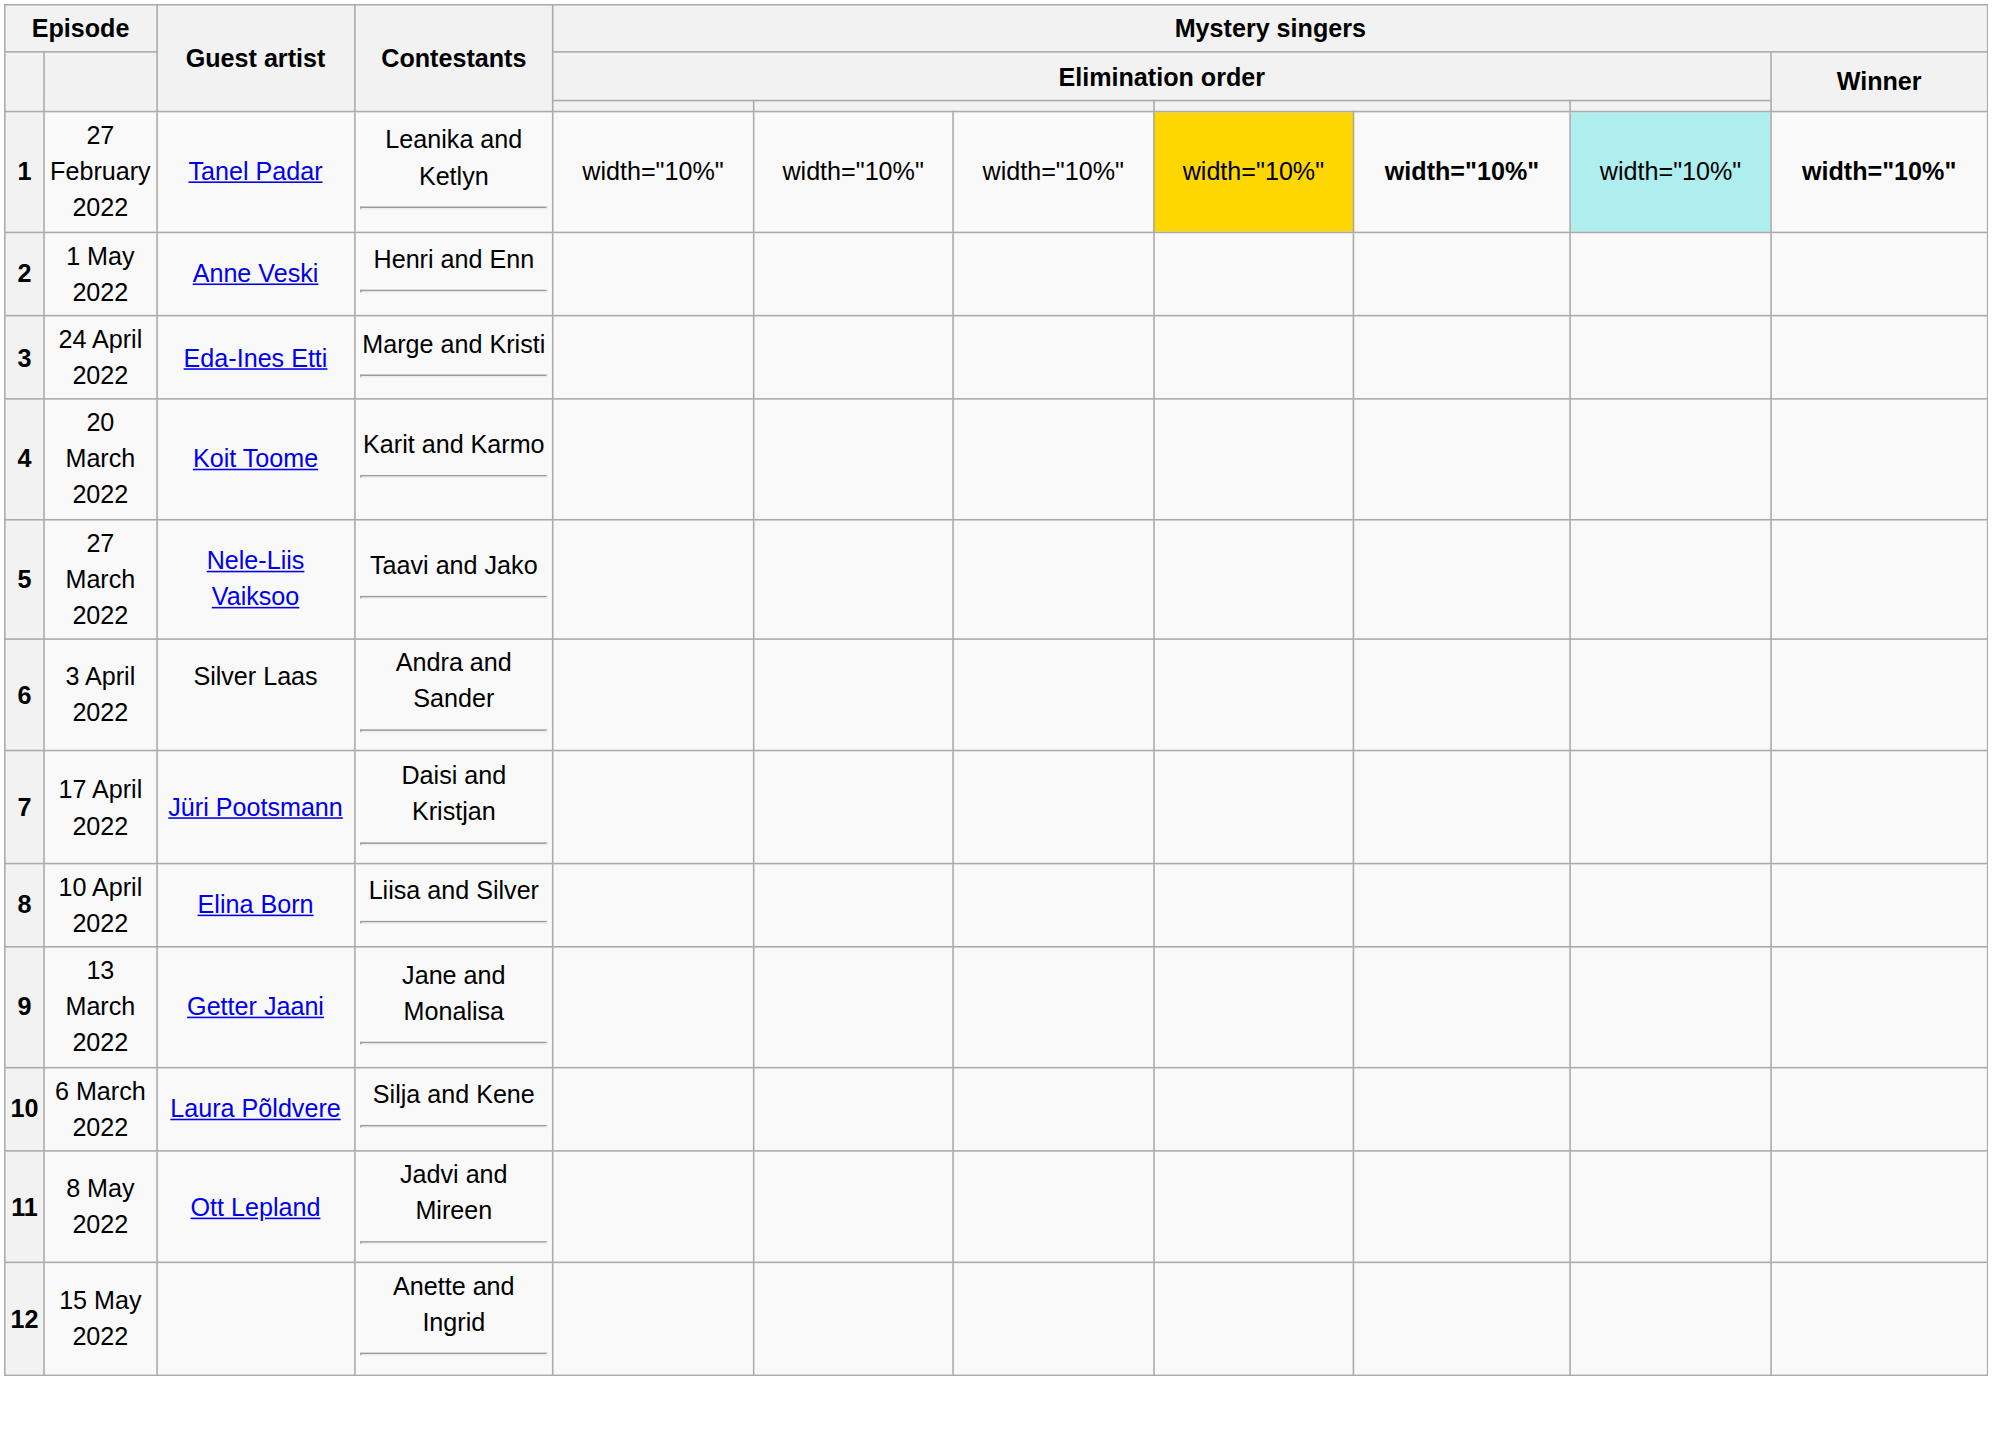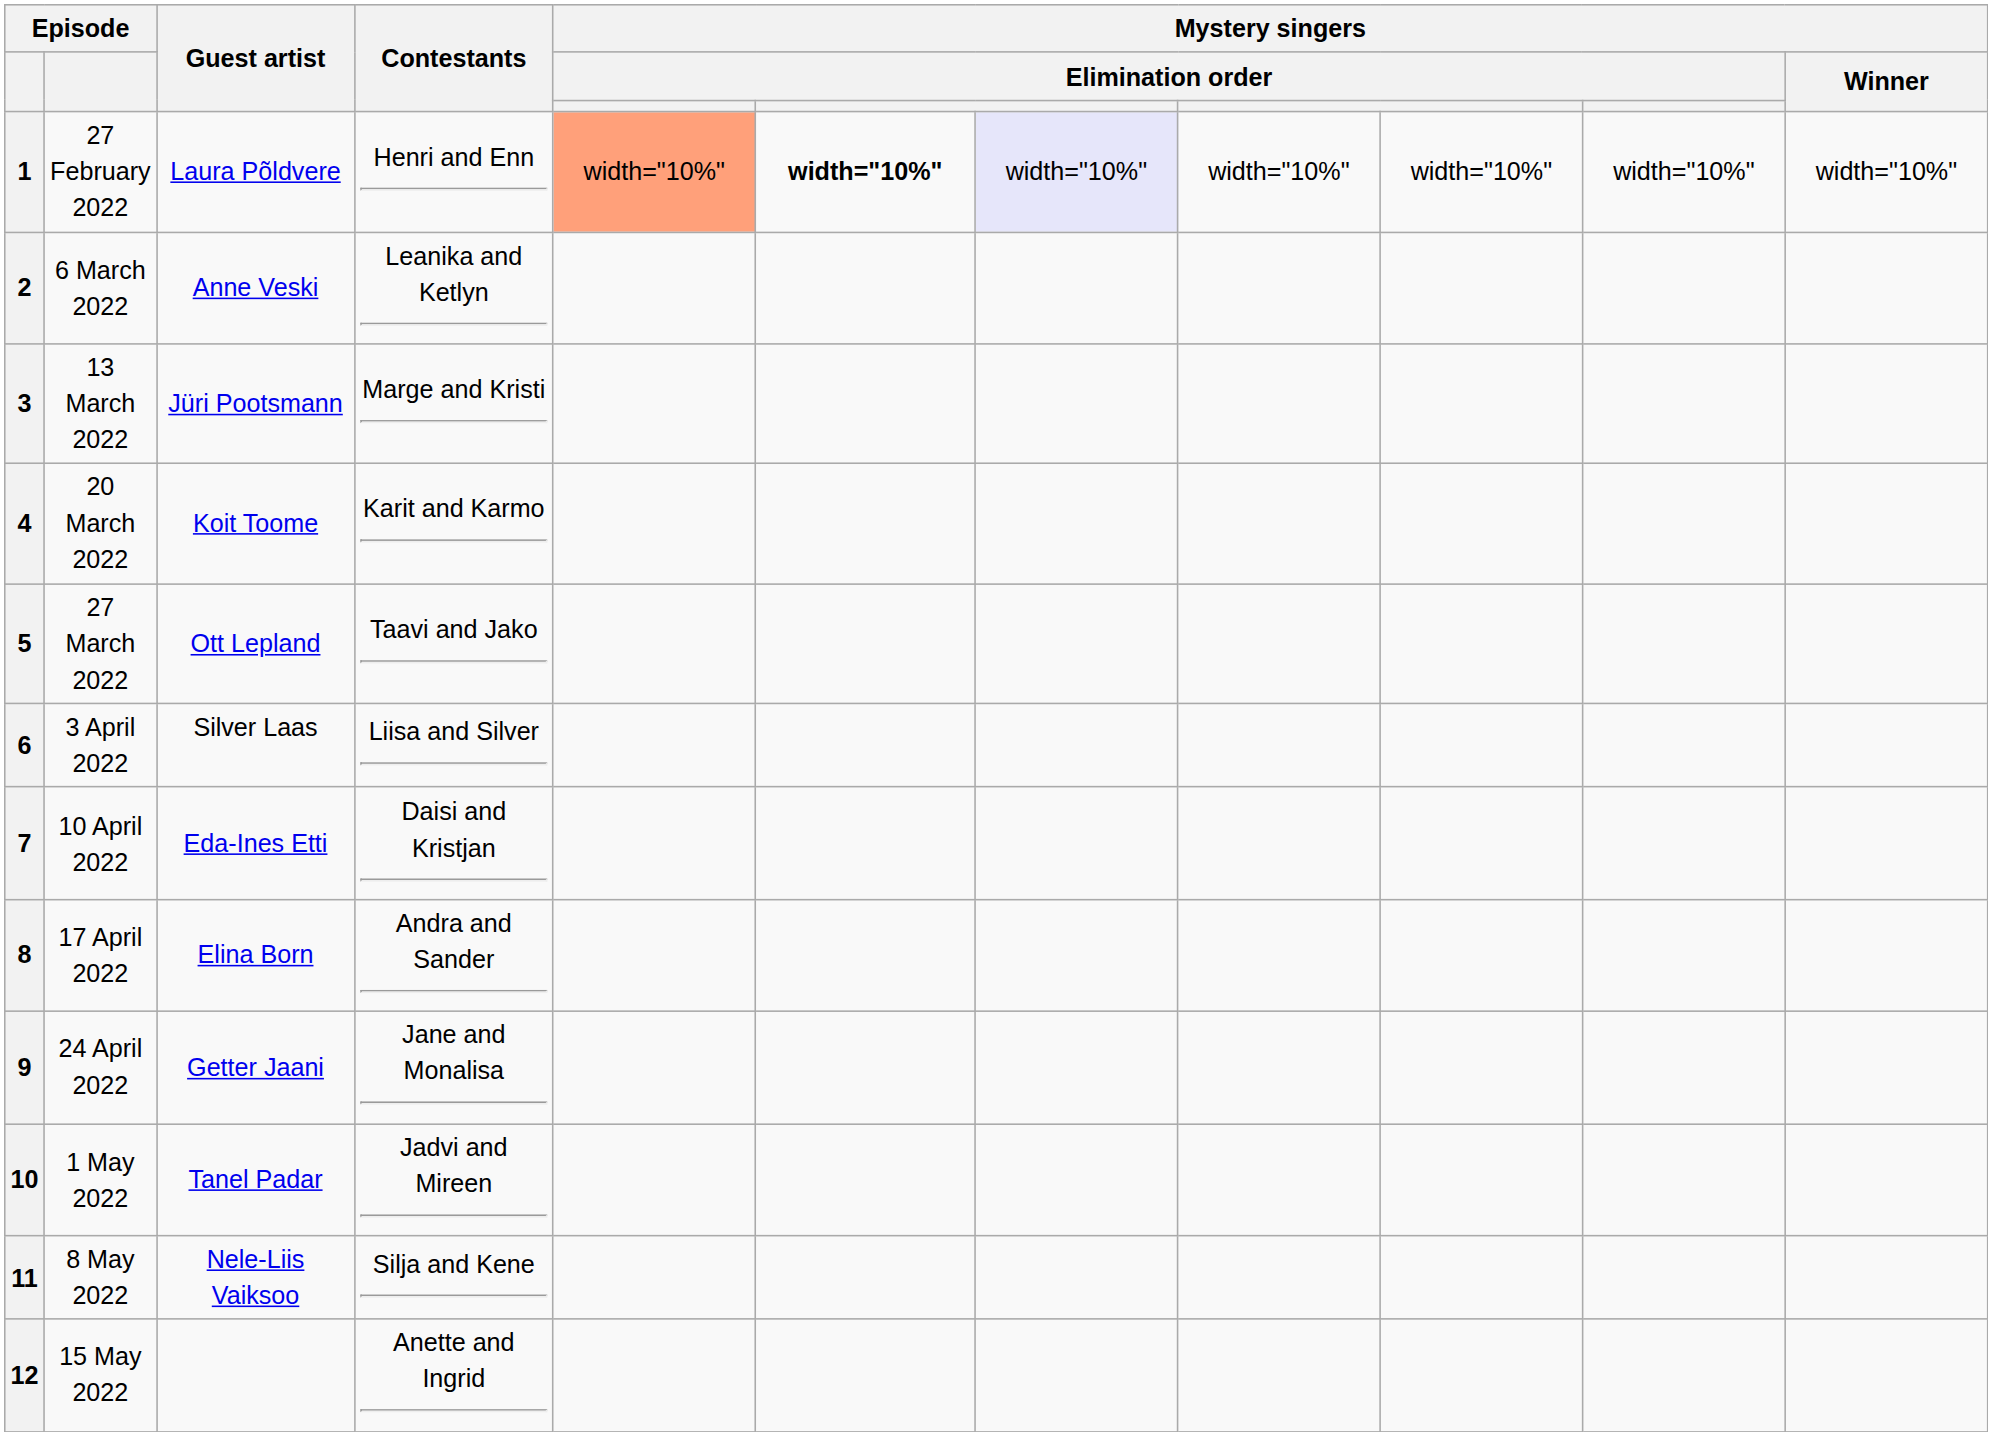 <table class="wikitable plainrowheaders mw-collapsible" style="text-align:center; line-height:23px; width:100%;">
 <tr>
 <th colspan="2" width="1%">Episode</th>
 <th rowspan="3" width="10%">Guest artist</th>
 <th rowspan="3" width="10%">Contestants</th>
 <th colspan="7">Mystery singers<br></th>
 </tr>
 <tr>
 <th rowspan="2"></th>
 <th rowspan="2"></th>
 <th colspan="6">Elimination order</th>
 <th rowspan="2">Winner</th>
 </tr>
 <tr>
 <th></th>
 <th colspan="2"></th>
 <th colspan="2"></th>
 <th></th>
 </tr>
 <tr>
 <th>1</th>
 <td>27 February 2022</td>
-<td><a href='#'>Tanel Padar</a><br></td>
-<td>Leanika and Ketlyn<hr></td>
+<td><a href='#'>Laura Põldvere</a><br></td>
+<td>Henri and Enn<hr></td>
+<td style="background: lightsalmon;">width="10%" </td>
+<td><strong>width="10%" </strong></td>
+<td style="background: lavender;">width="10%" </td>
 <td>width="10%" </td>
 <td>width="10%" </td>
 <td>width="10%" </td>
-<td style="background: gold;">width="10%" </td>
-<td><strong>width="10%" </strong></td>
-<td style="background: paleturquoise;">width="10%" </td>
-<td><strong>width="10%" </strong></td>
+<td>width="10%" </td>
 </tr>
 <tr>
 <th>2</th>
-<td>1 May 2022</td>
+<td>6 March 2022</td>
 <td><a href='#'>Anne Veski</a><br></td>
-<td>Henri and Enn<hr></td>
+<td>Leanika and Ketlyn<hr></td>
 <td></td>
 <td></td>
 <td></td>
 <td></td>
 <td></td>
 <td></td>
 <td></td>
 </tr>
 <tr>
 <th>3</th>
-<td>24 April 2022</td>
-<td><a href='#'>Eda-Ines Etti</a><br></td>
+<td>13 March 2022</td>
+<td><a href='#'>Jüri Pootsmann</a><br></td>
 <td>Marge and Kristi<hr></td>
 <td></td>
 <td></td>
 <td></td>
 <td></td>
 <td></td>
 <td></td>
 <td></td>
 </tr>
 <tr>
 <th>4</th>
 <td>20 March 2022</td>
 <td><a href='#'>Koit Toome</a><br></td>
 <td>Karit and Karmo<hr></td>
 <td></td>
 <td></td>
 <td></td>
 <td></td>
 <td></td>
 <td></td>
 <td></td>
 </tr>
 <tr>
 <th>5</th>
 <td>27 March 2022</td>
-<td><a href='#'>Nele-Liis Vaiksoo</a><br></td>
+<td><a href='#'>Ott Lepland</a><br></td>
 <td>Taavi and Jako<hr></td>
 <td></td>
 <td></td>
 <td></td>
 <td></td>
 <td></td>
 <td></td>
 <td></td>
 </tr>
 <tr>
 <th>6</th>
 <td>3 April 2022</td>
 <td>Silver Laas<br><br></td>
-<td>Andra and Sander<hr></td>
+<td>Liisa and Silver<hr></td>
 <td></td>
 <td></td>
 <td></td>
 <td></td>
 <td></td>
 <td></td>
 <td></td>
 </tr>
 <tr>
 <th>7</th>
-<td>17 April 2022</td>
-<td><a href='#'>Jüri Pootsmann</a><br></td>
+<td>10 April 2022</td>
+<td><a href='#'>Eda-Ines Etti</a><br></td>
 <td>Daisi and Kristjan<hr></td>
 <td></td>
 <td></td>
 <td></td>
 <td></td>
 <td></td>
 <td></td>
 <td></td>
 </tr>
 <tr>
 <th>8</th>
-<td>10 April 2022</td>
+<td>17 April 2022</td>
 <td><a href='#'>Elina Born</a><br></td>
-<td>Liisa and Silver<hr></td>
+<td>Andra and Sander<hr></td>
 <td></td>
 <td></td>
 <td></td>
 <td></td>
 <td></td>
 <td></td>
 <td></td>
 </tr>
 <tr>
 <th>9</th>
-<td>13 March 2022</td>
+<td>24 April 2022</td>
 <td><a href='#'>Getter Jaani</a><br></td>
 <td>Jane and Monalisa<hr></td>
 <td></td>
 <td></td>
 <td></td>
 <td></td>
 <td></td>
 <td></td>
 <td></td>
 </tr>
 <tr>
 <th>10</th>
-<td>6 March 2022</td>
-<td><a href='#'>Laura Põldvere</a><br></td>
-<td>Silja and Kene<hr></td>
+<td>1 May 2022</td>
+<td><a href='#'>Tanel Padar</a><br></td>
+<td>Jadvi and Mireen<hr></td>
 <td></td>
 <td></td>
 <td></td>
 <td></td>
 <td></td>
 <td></td>
 <td></td>
 </tr>
 <tr>
 <th>11</th>
 <td>8 May 2022</td>
-<td><a href='#'>Ott Lepland</a><br></td>
-<td>Jadvi and Mireen<hr></td>
+<td><a href='#'>Nele-Liis Vaiksoo</a><br></td>
+<td>Silja and Kene<hr></td>
 <td></td>
 <td></td>
 <td></td>
 <td></td>
 <td></td>
 <td></td>
 <td></td>
 </tr>
 <tr>
 <th>12</th>
 <td>15 May 2022</td>
 <td><br></td>
 <td>Anette and Ingrid<hr></td>
 <td></td>
 <td></td>
 <td></td>
 <td></td>
 <td></td>
 <td></td>
 <td></td>
 </tr>
 </table>
